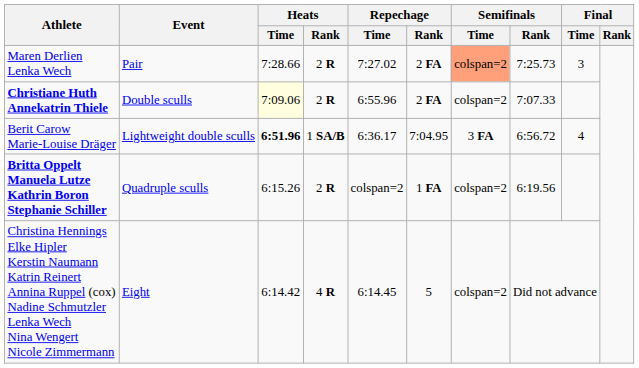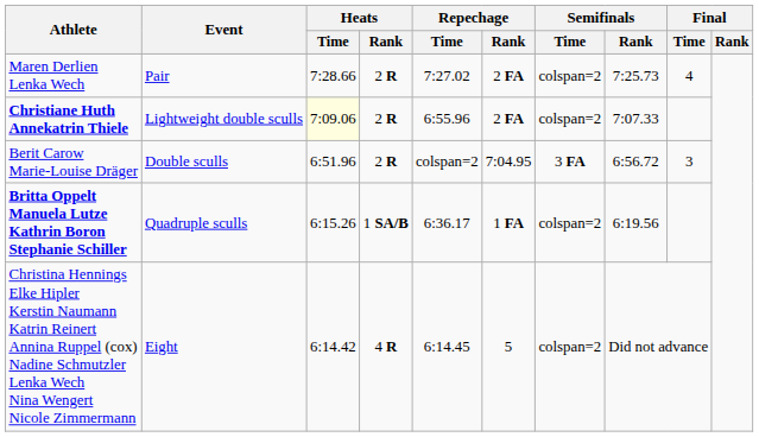 <table class="wikitable" style="font-size:90%">
 <tr>
 <th rowspan="2">Athlete</th>
 <th rowspan="2">Event</th>
 <th colspan="2">Heats</th>
 <th colspan="2">Repechage</th>
 <th colspan="2">Semifinals</th>
 <th colspan="2">Final</th>
 </tr>
 <tr style="font-size:95%">
 <th>Time</th>
 <th>Rank</th>
 <th>Time</th>
 <th>Rank</th>
 <th>Time</th>
 <th>Rank</th>
 <th>Time</th>
 <th>Rank</th>
 </tr>
 <tr align=center>
 <td align=left><a href='#'>Maren Derlien</a><br><a href='#'>Lenka Wech</a></td>
 <td align=left><a href='#'>Pair</a></td>
 <td>7:28.66</td>
 <td>2 <strong>R</strong></td>
 <td>7:27.02</td>
 <td>2 <strong>FA</strong></td>
-<td style="background: lightsalmon;">colspan=2 </td>
+<td>colspan=2 </td>
 <td>7:25.73</td>
-<td>3</td>
+<td>4</td>
 </tr>
 <tr align=center>
 <td align=left><strong><a href='#'>Christiane Huth</a><br><a href='#'>Annekatrin Thiele</a></strong></td>
-<td align=left><a href='#'>Double sculls</a></td>
+<td align=left><a href='#'>Lightweight double sculls</a></td>
 <td style="background: lightyellow;">7:09.06</td>
 <td>2 <strong>R</strong></td>
 <td>6:55.96</td>
 <td>2 <strong>FA</strong></td>
 <td>colspan=2 </td>
 <td>7:07.33</td>
 <td></td>
 </tr>
 <tr align=center>
 <td align=left><a href='#'>Berit Carow</a><br><a href='#'>Marie-Louise Dräger</a></td>
-<td align=left><a href='#'>Lightweight double sculls</a></td>
-<td><strong>6:51.96</strong></td>
-<td>1 <strong>SA/B</strong></td>
-<td>6:36.17</td>
+<td align=left><a href='#'>Double sculls</a></td>
+<td>6:51.96</td>
+<td>2 <strong>R</strong></td>
+<td>colspan=2 </td>
 <td>7:04.95</td>
 <td>3 <strong>FA</strong></td>
 <td>6:56.72</td>
-<td>4</td>
+<td>3</td>
 </tr>
 <tr align=center>
 <td align=left><strong><a href='#'>Britta Oppelt</a><br><a href='#'>Manuela Lutze</a><br><a href='#'>Kathrin Boron</a><br><a href='#'>Stephanie Schiller</a></strong></td>
 <td align=left><a href='#'>Quadruple sculls</a></td>
 <td>6:15.26</td>
-<td>2 <strong>R</strong></td>
-<td>colspan=2 </td>
+<td>1 <strong>SA/B</strong></td>
+<td>6:36.17</td>
 <td>1 <strong>FA</strong></td>
 <td>colspan=2 </td>
 <td>6:19.56</td>
 <td></td>
 </tr>
 <tr align=center>
 <td align=left><a href='#'>Christina Hennings</a><br><a href='#'>Elke Hipler</a><br><a href='#'>Kerstin Naumann</a><br><a href='#'>Katrin Reinert</a><br><a href='#'>Annina Ruppel</a> (cox)<br><a href='#'>Nadine Schmutzler</a><br><a href='#'>Lenka Wech</a><br><a href='#'>Nina Wengert</a><br><a href='#'>Nicole Zimmermann</a></td>
 <td align=left><a href='#'>Eight</a></td>
 <td>6:14.42</td>
 <td>4 <strong>R</strong></td>
 <td>6:14.45</td>
 <td>5</td>
 <td>colspan=2 </td>
 <td colspan=2>Did not advance</td>
 </tr>
 </table>
